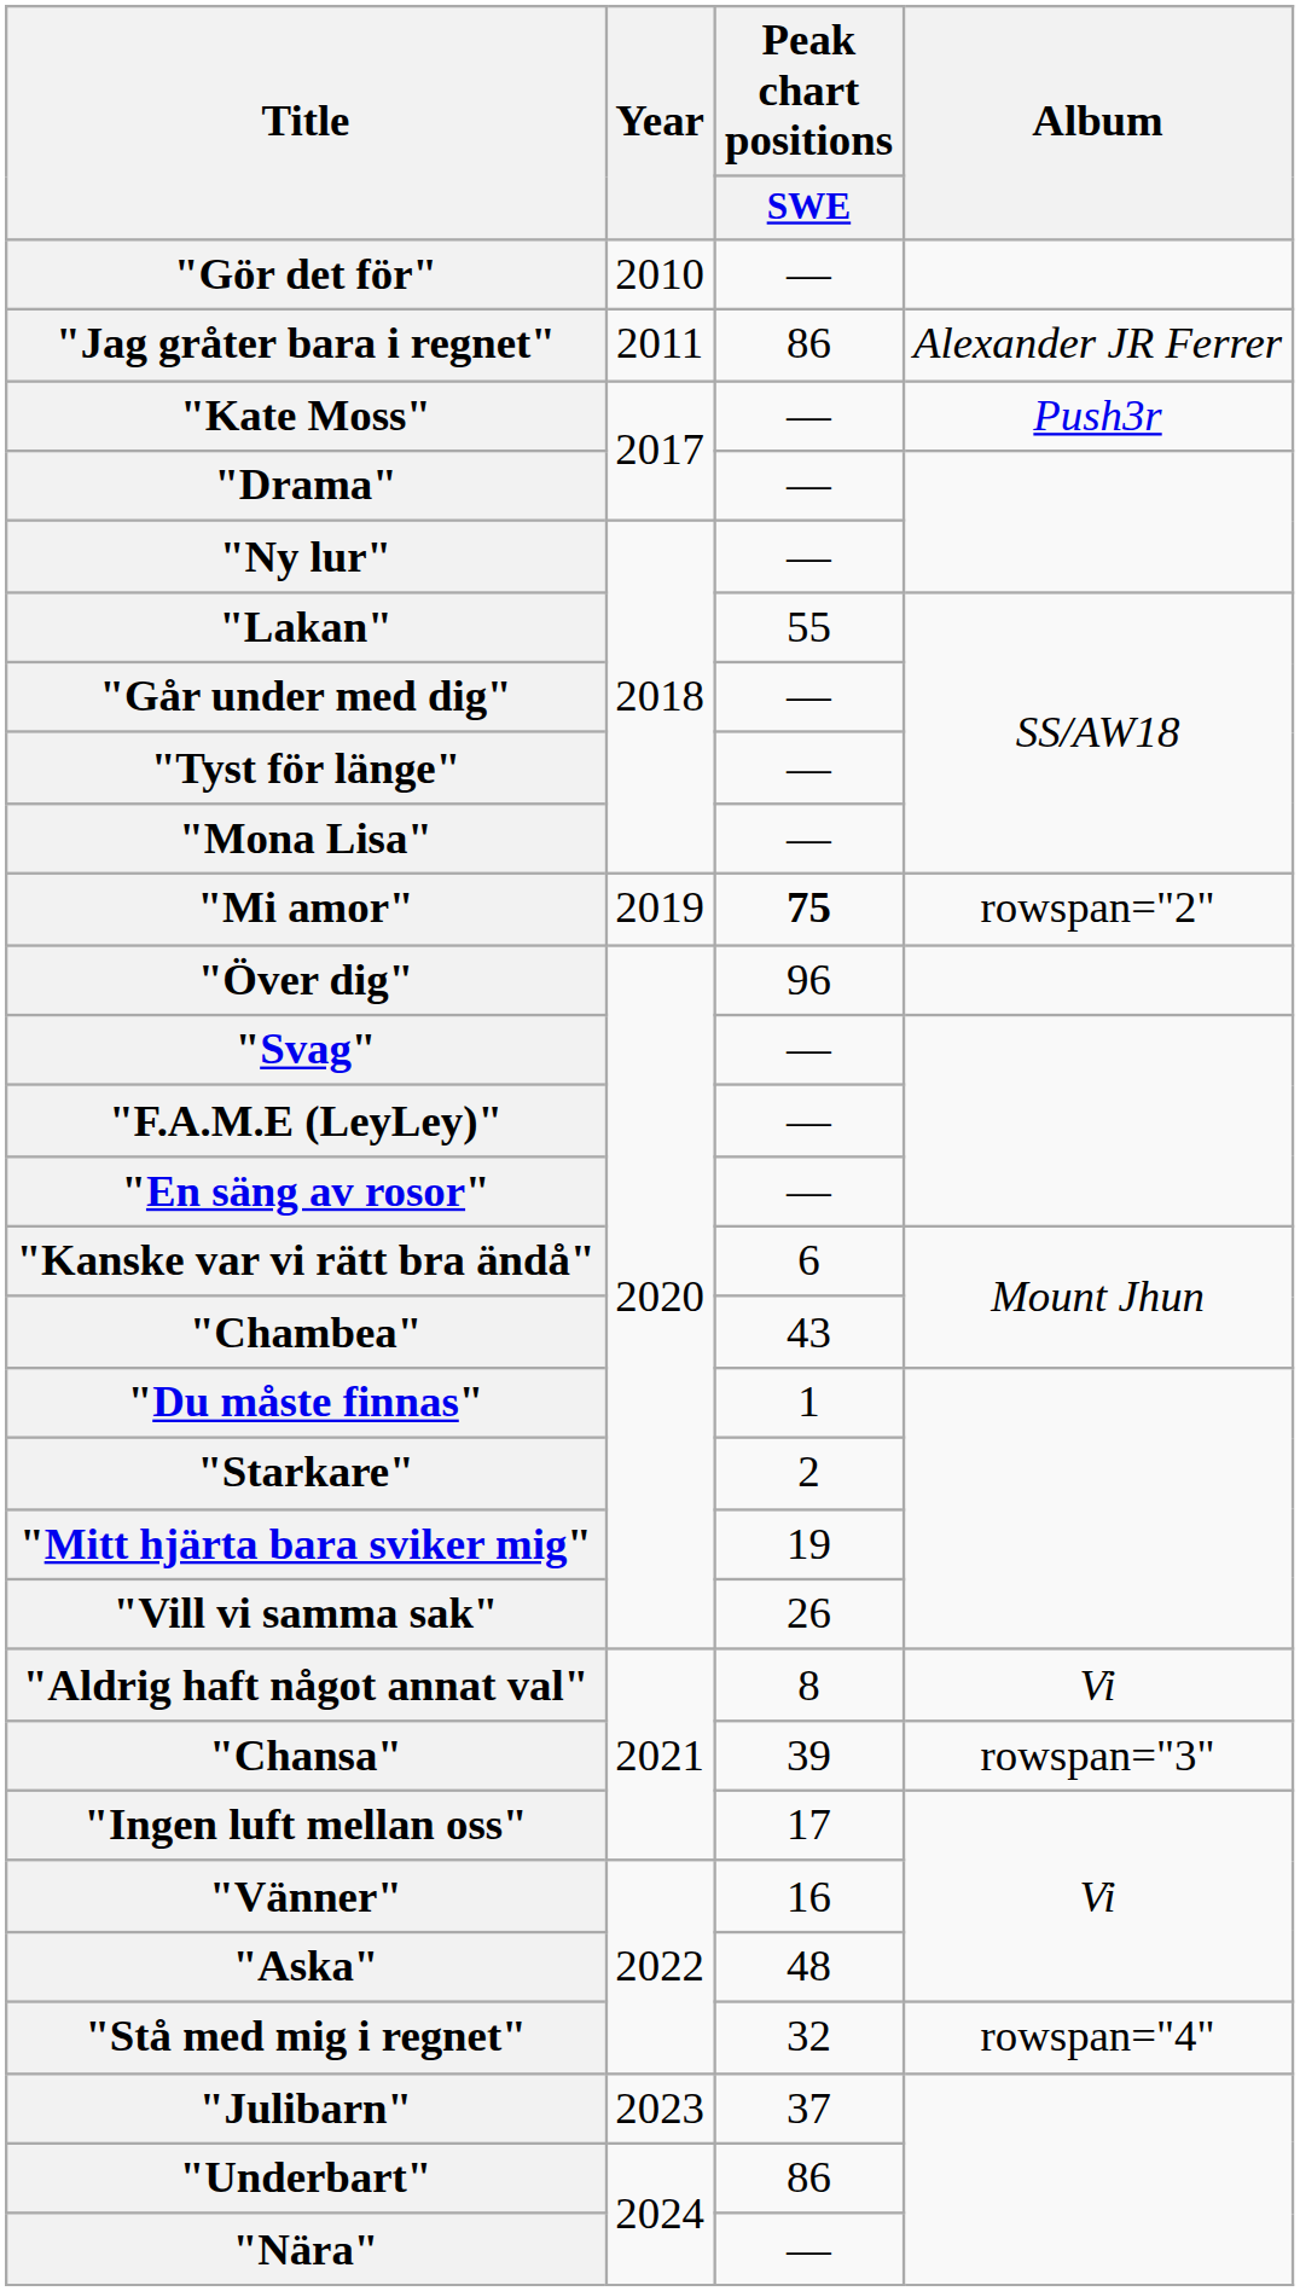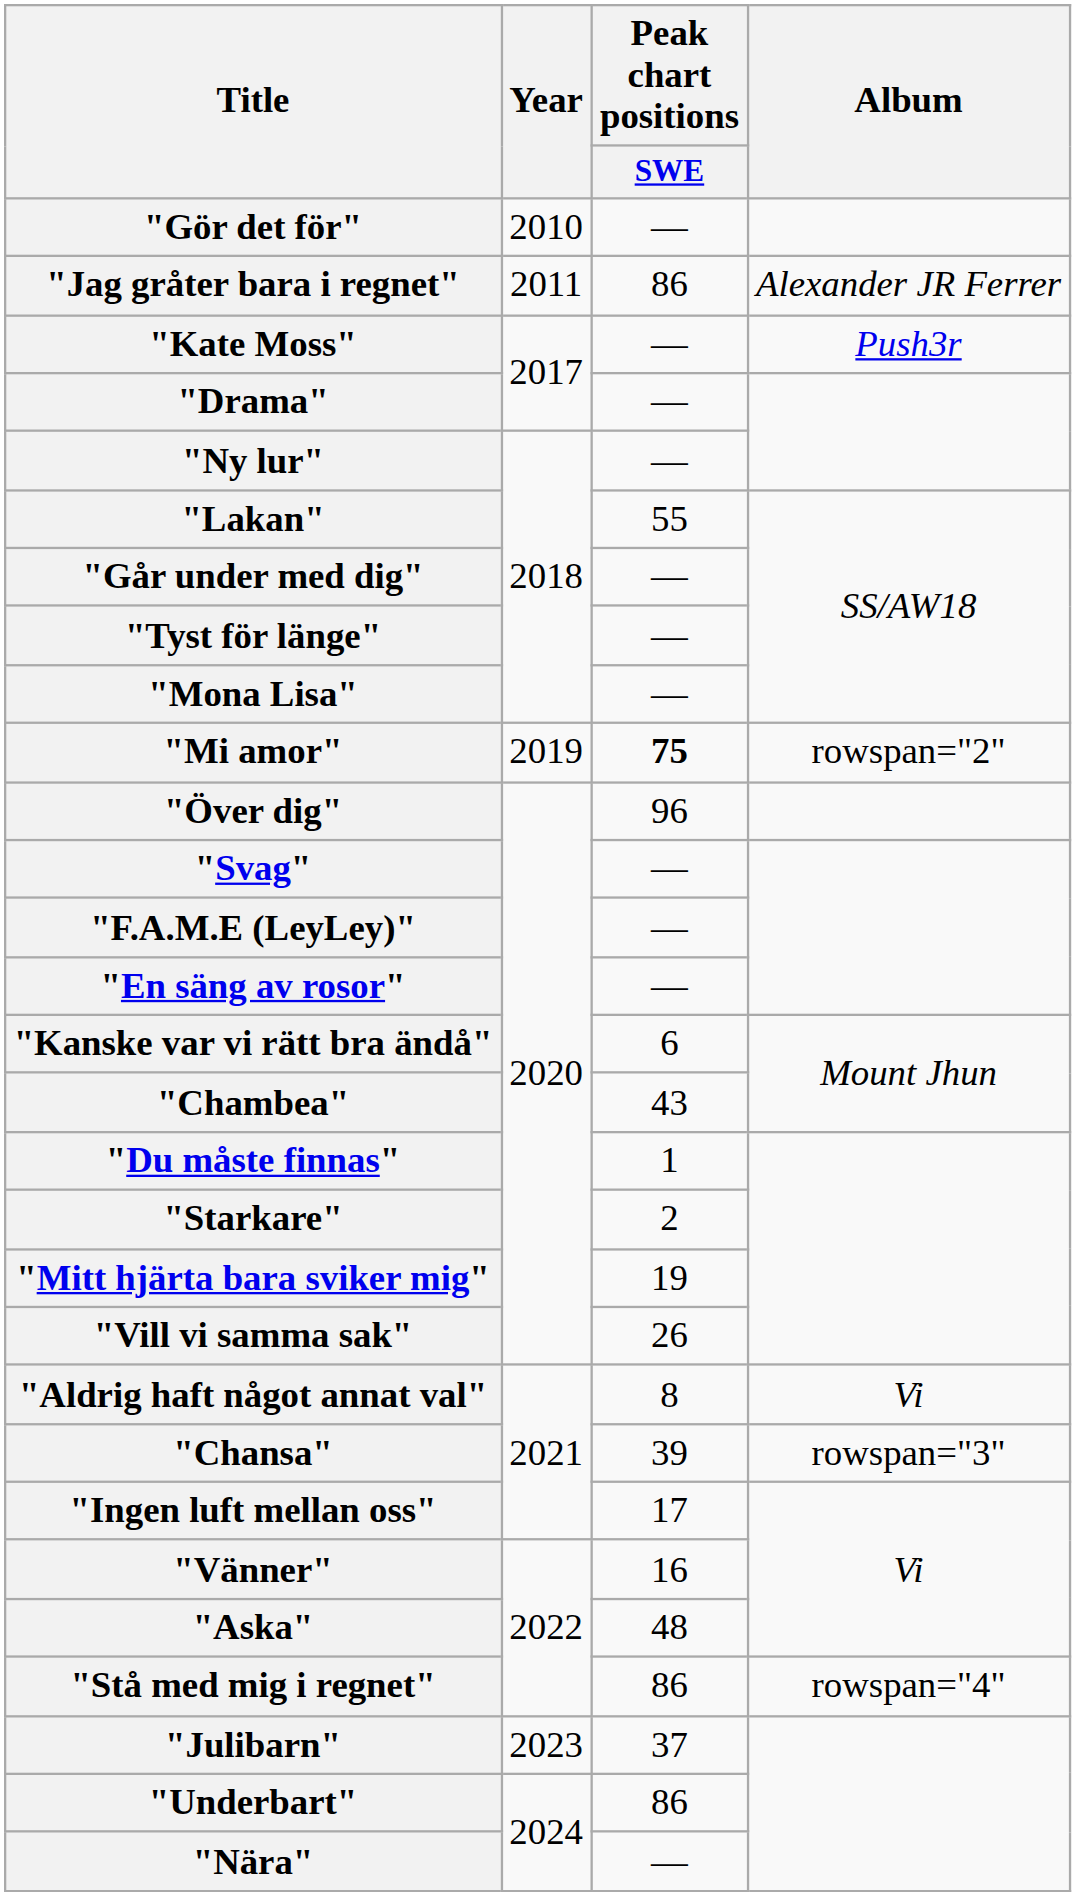 <table class="wikitable plainrowheaders" style="text-align:center">
 <tr>
 <th scope="col" rowspan="2">Title</th>
 <th scope="col" rowspan="2">Year</th>
 <th scope="col" colspan="1">Peak chart positions</th>
 <th scope="col" rowspan="2">Album</th>
 </tr>
 <tr>
 <th scope="col" style="width:3em;font-size:85%;"><a href='#'>SWE</a><br></th>
 </tr>
 <tr>
 <th scope="row">"Gör det för"</th>
 <td>2010</td>
 <td>—</td>
 <td></td>
 </tr>
 <tr>
 <th scope="row">"Jag gråter bara i regnet"</th>
 <td>2011</td>
 <td>86<br></td>
 <td><em>Alexander JR Ferrer</em></td>
 </tr>
 <tr>
 <th scope="row">"Kate Moss"</th>
 <td rowspan="2">2017</td>
 <td>—</td>
 <td><em><a href='#'>Push3r</a></em></td>
 </tr>
 <tr>
 <th scope="row">"Drama"</th>
 <td>—</td>
 </tr>
 <tr>
 <th scope="row">"Ny lur"</th>
 <td rowspan="5">2018</td>
 <td>—</td>
 </tr>
 <tr>
 <th scope="row">"Lakan"</th>
 <td>55</td>
 <td rowspan="4"><em>SS/AW18</em></td>
 </tr>
 <tr>
 <th scope="row">"Går under med dig"</th>
 <td>—</td>
 </tr>
 <tr>
 <th scope="row">"Tyst för länge"</th>
 <td>—</td>
 </tr>
 <tr>
 <th scope="row">"Mona Lisa"</th>
 <td>—</td>
 </tr>
 <tr>
 <th scope="row">"Mi amor"</th>
 <td>2019</td>
 <td><strong>75</strong></td>
 <td>rowspan="2" </td>
 </tr>
 <tr>
 <th scope="row">"Över dig"</th>
 <td rowspan="10">2020</td>
 <td>96</td>
 </tr>
 <tr>
 <th scope="row">"<a href='#'>Svag</a>"</th>
 <td>—</td>
 <td rowspan="3"></td>
 </tr>
 <tr>
 <th scope="row">"F.A.M.E (LeyLey)"</th>
 <td>—</td>
 </tr>
 <tr>
 <th scope="row">"<a href='#'>En säng av rosor</a>"</th>
 <td>—</td>
 </tr>
 <tr>
 <th scope="row">"Kanske var vi rätt bra ändå"</th>
 <td>6<br></td>
 <td rowspan="2"><em>Mount Jhun</em></td>
 </tr>
 <tr>
 <th scope="row">"Chambea"</th>
 <td>43</td>
 </tr>
 <tr>
 <th scope="row">"<a href='#'>Du måste finnas</a>"</th>
 <td>1</td>
 <td rowspan="4"></td>
 </tr>
 <tr>
 <th scope="row">"Starkare"</th>
 <td>2</td>
 </tr>
 <tr>
 <th scope="row">"<a href='#'>Mitt hjärta bara sviker mig</a>"</th>
 <td>19</td>
 </tr>
 <tr>
 <th scope="row">"Vill vi samma sak"</th>
 <td>26</td>
 </tr>
 <tr>
 <th scope="row">"Aldrig haft något annat val"</th>
 <td rowspan="3">2021</td>
 <td>8<br></td>
 <td><em>Vi</em></td>
 </tr>
 <tr>
 <th scope="row">"Chansa"<br></th>
 <td>39<br></td>
 <td>rowspan="3" </td>
 </tr>
 <tr>
 <th scope="row">"Ingen luft mellan oss"</th>
 <td>17<br></td>
 <td rowspan="3"><em>Vi</em></td>
 </tr>
 <tr>
 <th scope="row">"Vänner"<br></th>
 <td rowspan="3">2022</td>
 <td>16<br></td>
 </tr>
 <tr>
 <th scope="row">"Aska"</th>
 <td>48<br></td>
 </tr>
 <tr>
 <th scope="row">"Stå med mig i regnet"<br></th>
-<td>32<br></td>
+<td>86<br></td>
 <td>rowspan="4" </td>
 </tr>
 <tr>
 <th scope="row">"Julibarn"<br></th>
 <td>2023</td>
 <td>37<br></td>
 </tr>
 <tr>
 <th scope="row">"Underbart"</th>
 <td rowspan="2">2024</td>
 <td>86<br></td>
 </tr>
 <tr>
 <th scope="row">"Nära"</th>
 <td>—</td>
 </tr>
 </table>
